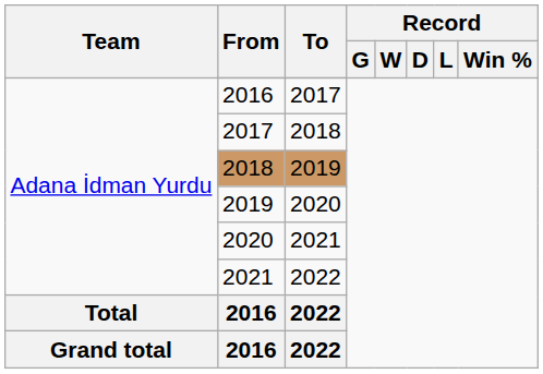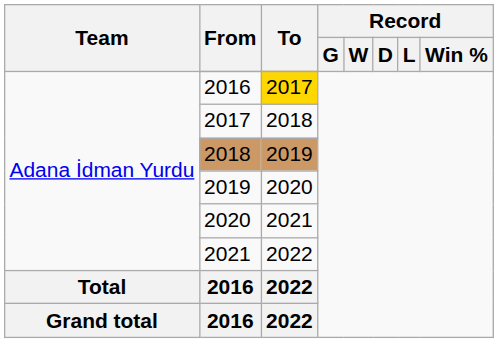 <table class="wikitable" style="text-align: center">
 <tr>
 <th rowspan="2">Team</th>
 <th rowspan="2">From</th>
 <th rowspan="2">To</th>
 <th colspan="5">Record</th>
 </tr>
 <tr>
 <th>G</th>
 <th>W</th>
 <th>D</th>
 <th>L</th>
 <th>Win %</th>
 </tr>
 <tr>
 <td rowspan=7 align=left><a href='#'>Adana İdman Yurdu</a></td>
 </tr>
 <tr>
 <td align=left>2016</td>
-<td align=left>2017<br></td>
+<td align=left style="background: gold;">2017<br></td>
 </tr>
 <tr>
 <td align=left>2017</td>
 <td align=left>2018<br></td>
 </tr>
 <tr bgcolor=cc9966>
 <td align=left>2018</td>
 <td align=left>2019<br></td>
 </tr>
 <tr>
 <td align=left>2019</td>
 <td align=left>2020<br></td>
 </tr>
 <tr>
 <td align=left>2020</td>
 <td align=left>2021<br></td>
 </tr>
 <tr>
 <td align=left>2021</td>
 <td align=left>2022<br></td>
 </tr>
 <tr>
 <th align=left>Total</th>
 <th align=left>2016</th>
 <th align=left>2022<br></th>
 </tr>
 <tr>
 <th align=left>Grand total</th>
 <th align=left>2016</th>
 <th align=left>2022<br></th>
 </tr>
 </table>
